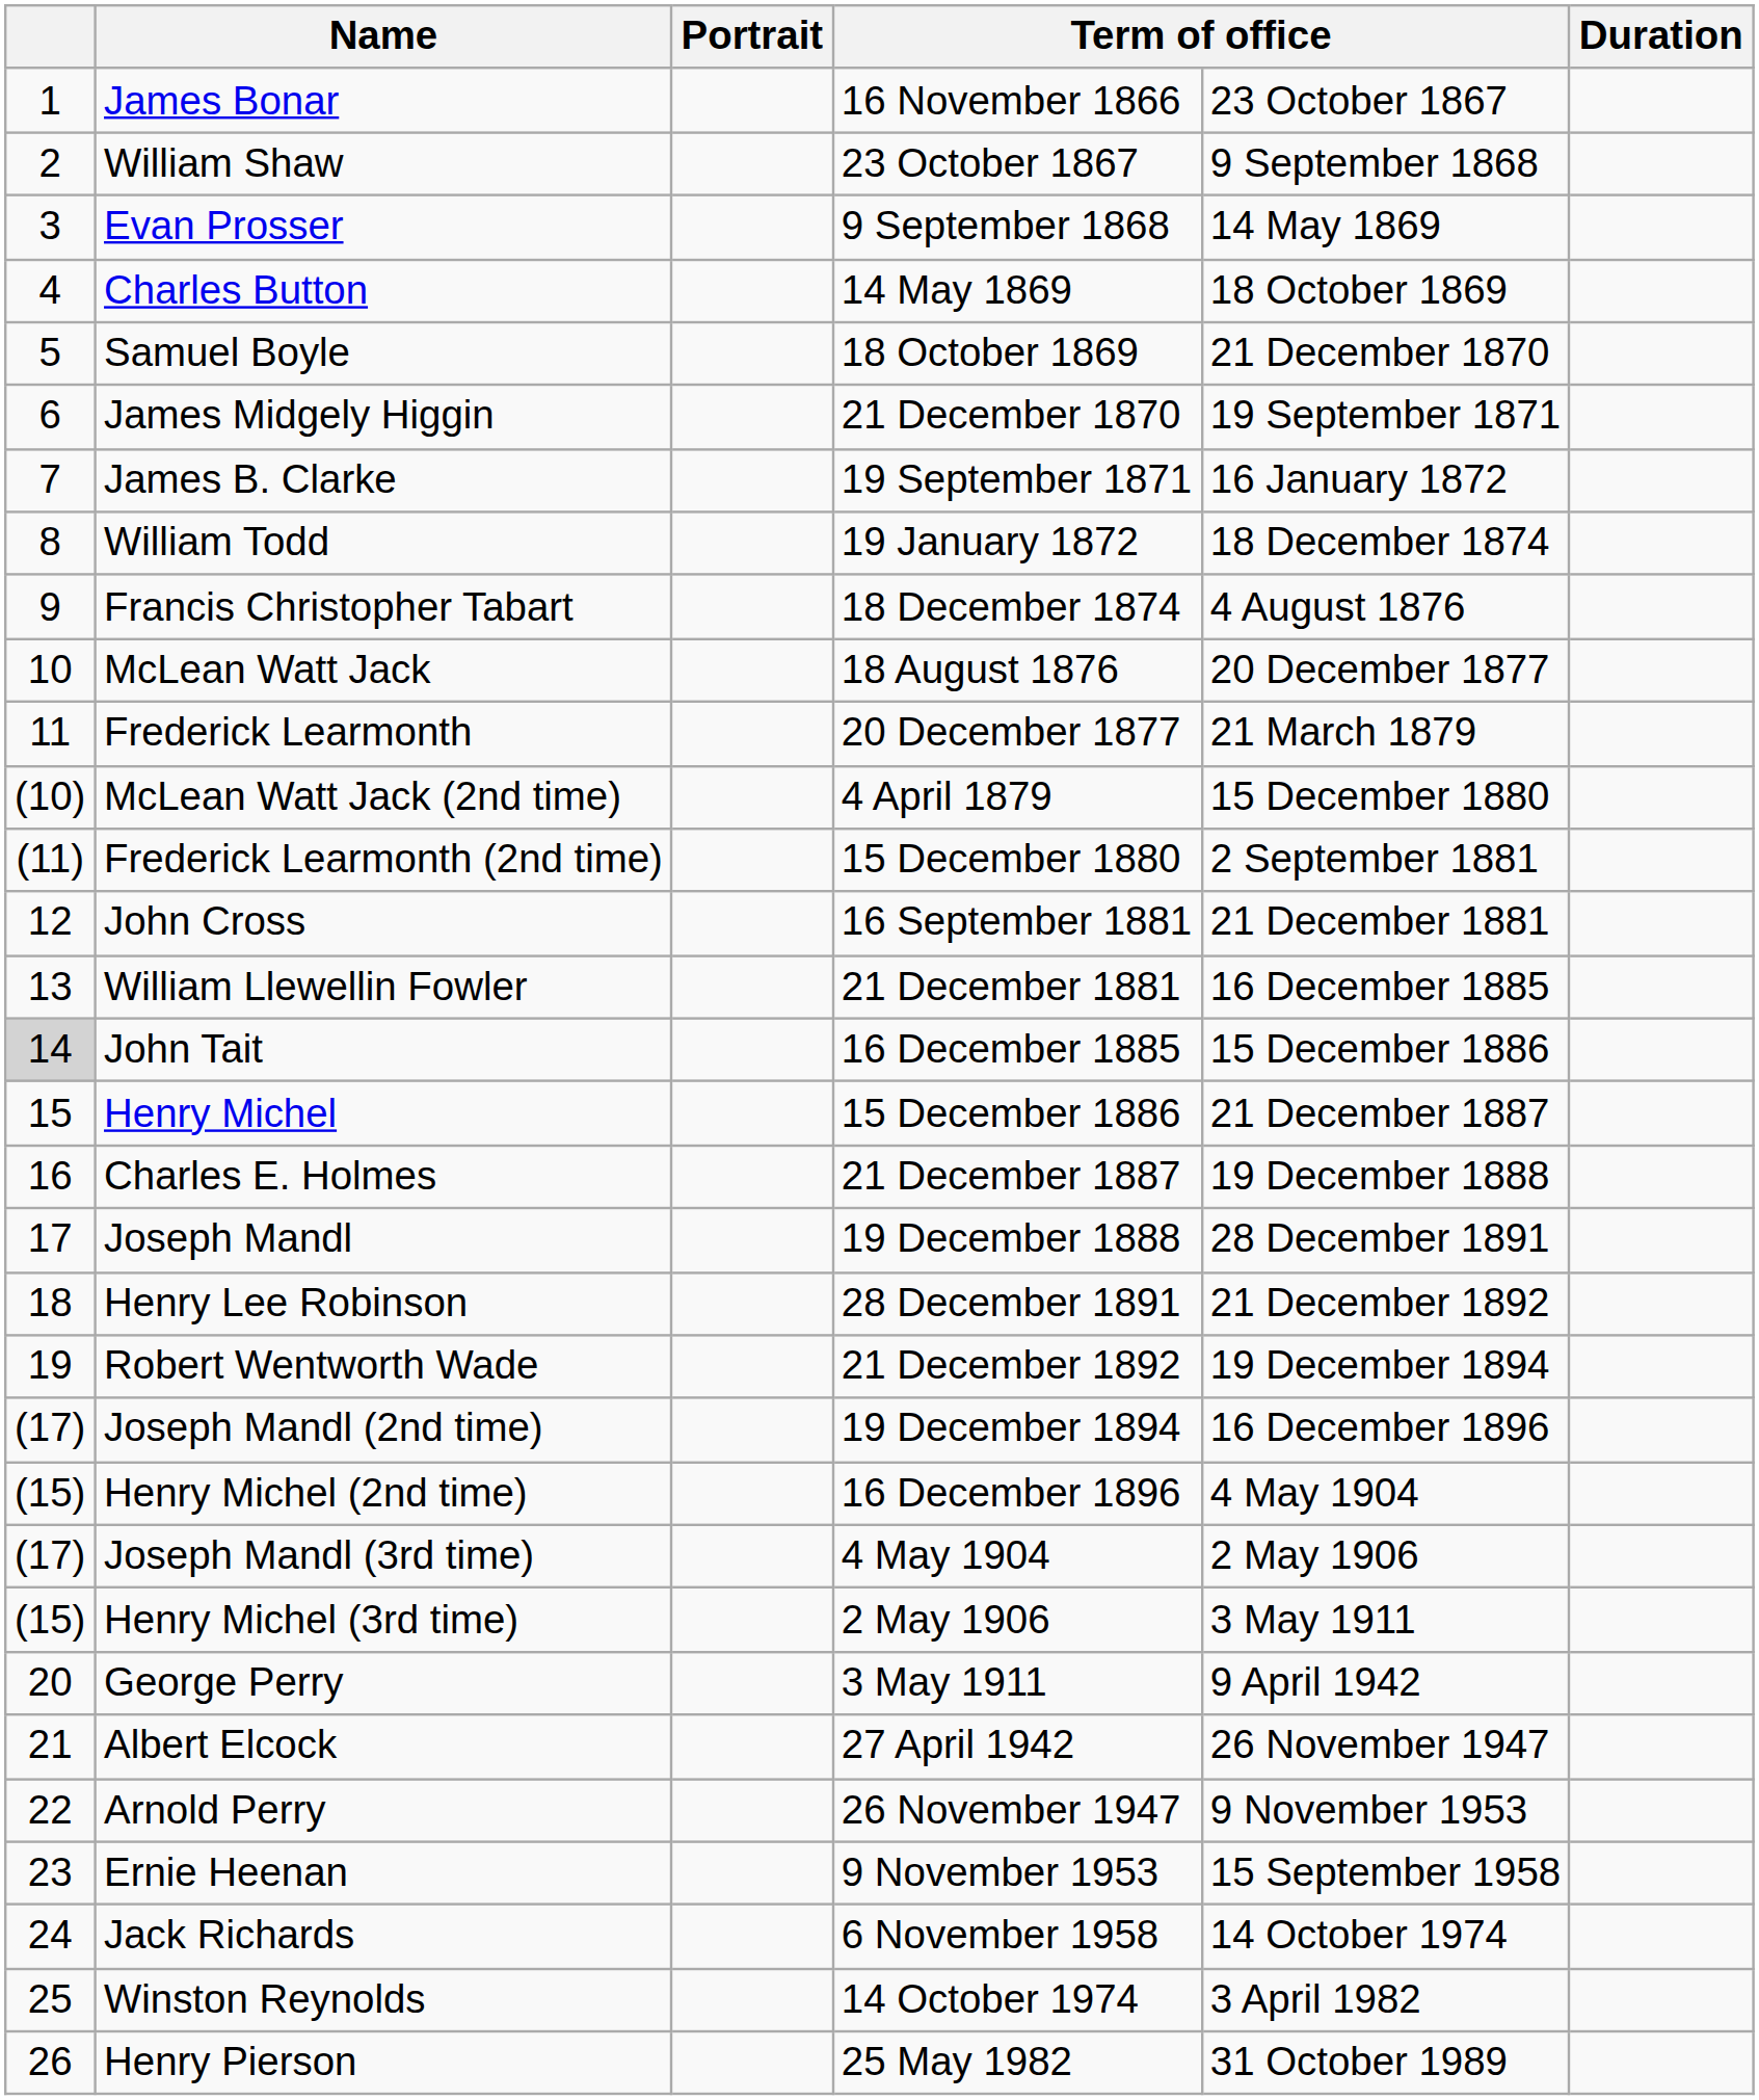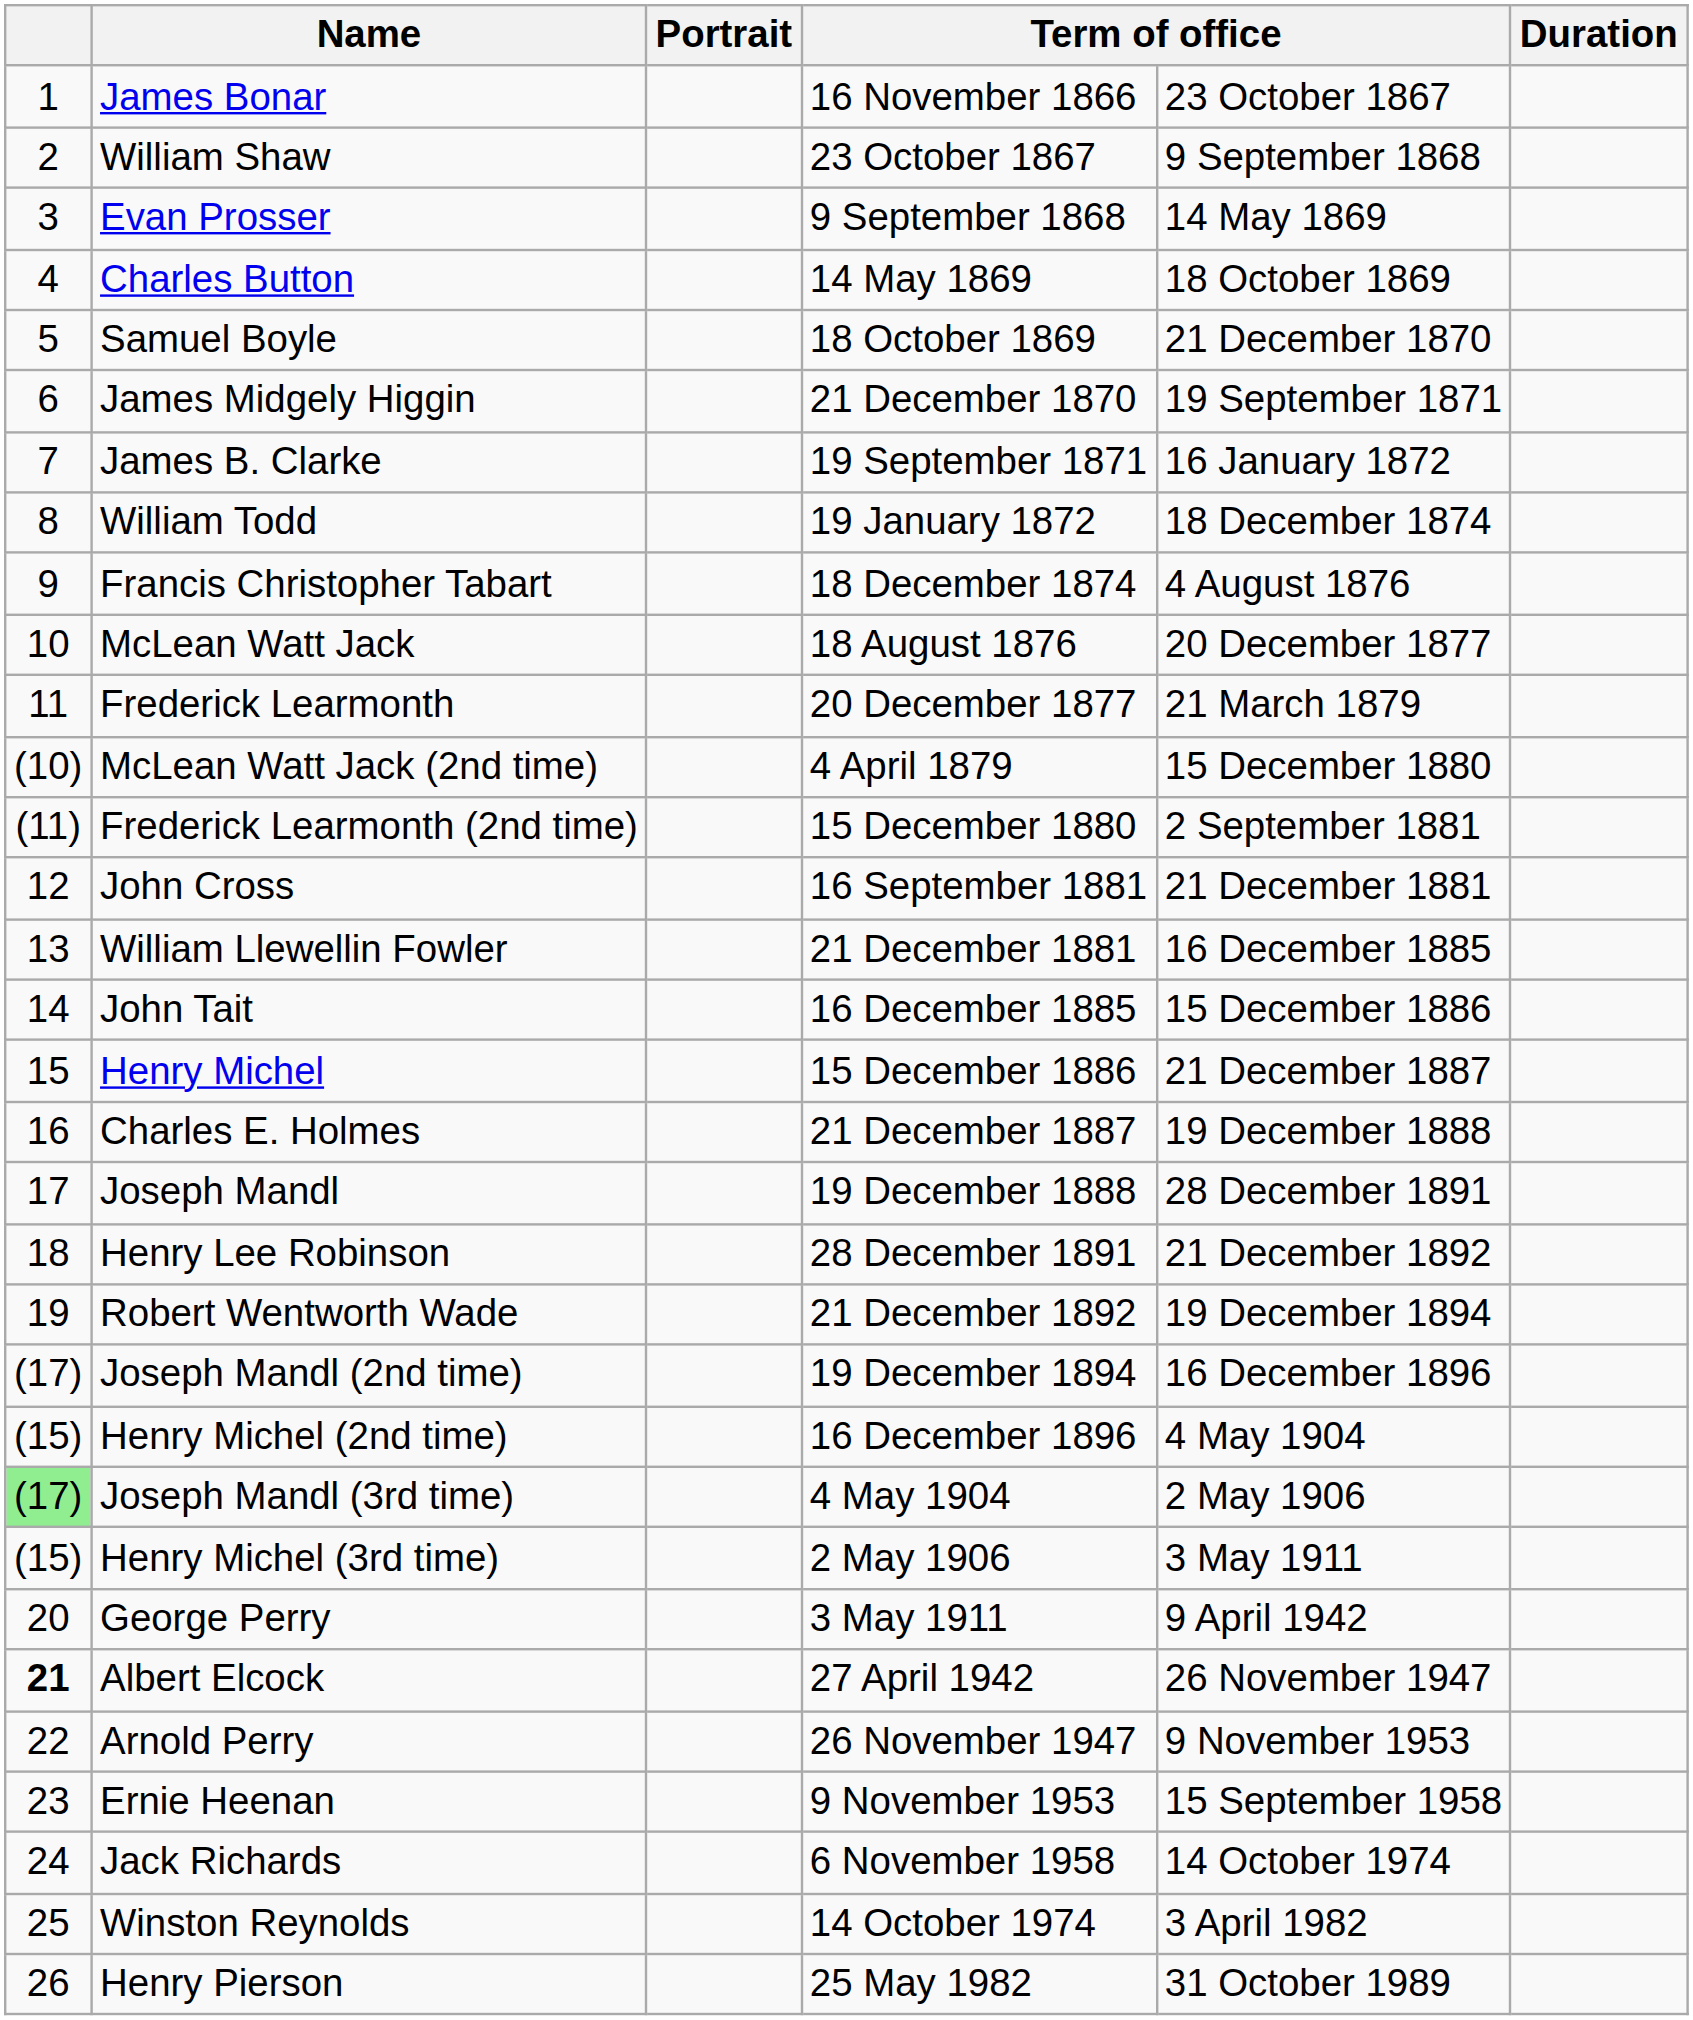 <table class="wikitable">
 <tr>
 <th></th>
 <th>Name</th>
 <th>Portrait</th>
 <th colspan=2>Term of office</th>
 <th>Duration</th>
 </tr>
 <tr>
 <td align=center>1</td>
 <td><a href='#'>James Bonar</a></td>
 <td></td>
 <td>16 November 1866</td>
 <td>23 October 1867</td>
 <td></td>
 </tr>
 <tr>
 <td align=center>2</td>
 <td>William Shaw</td>
 <td></td>
 <td>23 October 1867</td>
 <td>9 September 1868</td>
 <td></td>
 </tr>
 <tr>
 <td align=center>3</td>
 <td><a href='#'>Evan Prosser</a></td>
 <td></td>
 <td>9 September 1868</td>
 <td>14 May 1869</td>
 <td></td>
 </tr>
 <tr>
 <td align=center>4</td>
 <td><a href='#'>Charles Button</a></td>
 <td></td>
 <td>14 May 1869</td>
 <td>18 October 1869</td>
 <td></td>
 </tr>
 <tr>
 <td align=center>5</td>
 <td>Samuel Boyle</td>
 <td></td>
 <td>18 October 1869</td>
 <td>21 December 1870</td>
 <td></td>
 </tr>
 <tr>
 <td align=center>6</td>
 <td>James Midgely Higgin</td>
 <td></td>
 <td>21 December 1870</td>
 <td>19 September 1871</td>
 <td></td>
 </tr>
 <tr>
 <td align=center>7</td>
 <td>James B. Clarke</td>
 <td></td>
 <td>19 September 1871</td>
 <td>16 January 1872</td>
 <td></td>
 </tr>
 <tr>
 <td align=center>8</td>
 <td>William Todd</td>
 <td></td>
 <td>19 January 1872</td>
 <td>18 December 1874</td>
 <td></td>
 </tr>
 <tr>
 <td align=center>9</td>
 <td>Francis Christopher Tabart</td>
 <td></td>
 <td>18 December 1874</td>
 <td>4 August 1876</td>
 <td></td>
 </tr>
 <tr>
 <td align=center>10</td>
 <td>McLean Watt Jack</td>
 <td></td>
 <td>18 August 1876</td>
 <td>20 December 1877</td>
 <td></td>
 </tr>
 <tr>
 <td align=center>11</td>
 <td>Frederick Learmonth</td>
 <td></td>
 <td>20 December 1877</td>
 <td>21 March 1879</td>
 <td></td>
 </tr>
 <tr>
 <td align=center>(10)</td>
 <td>McLean Watt Jack (2nd time)</td>
 <td></td>
 <td>4 April 1879</td>
 <td>15 December 1880</td>
 <td></td>
 </tr>
 <tr>
 <td align=center>(11)</td>
 <td>Frederick Learmonth (2nd time)</td>
 <td></td>
 <td>15 December 1880</td>
 <td>2 September 1881</td>
 <td></td>
 </tr>
 <tr>
 <td align=center>12</td>
 <td>John Cross</td>
 <td></td>
 <td>16 September 1881</td>
 <td>21 December 1881</td>
 <td></td>
 </tr>
 <tr>
 <td align=center>13</td>
 <td>William Llewellin Fowler</td>
 <td></td>
 <td>21 December 1881</td>
 <td>16 December 1885</td>
 <td></td>
 </tr>
 <tr>
-<td align=center style="background: lightgrey;">14</td>
+<td align=center>14</td>
 <td>John Tait</td>
 <td></td>
 <td>16 December 1885</td>
 <td>15 December 1886</td>
 <td></td>
 </tr>
 <tr>
 <td align=center>15</td>
 <td><a href='#'>Henry Michel</a></td>
 <td></td>
 <td>15 December 1886</td>
 <td>21 December 1887</td>
 <td></td>
 </tr>
 <tr>
 <td align=center>16</td>
 <td>Charles E. Holmes</td>
 <td></td>
 <td>21 December 1887</td>
 <td>19 December 1888</td>
 <td></td>
 </tr>
 <tr>
 <td align=center>17</td>
 <td>Joseph Mandl</td>
 <td></td>
 <td>19 December 1888</td>
 <td>28 December 1891</td>
 <td></td>
 </tr>
 <tr>
 <td align=center>18</td>
 <td>Henry Lee Robinson</td>
 <td></td>
 <td>28 December 1891</td>
 <td>21 December 1892</td>
 <td></td>
 </tr>
 <tr>
 <td align=center>19</td>
 <td>Robert Wentworth Wade</td>
 <td></td>
 <td>21 December 1892</td>
 <td>19 December 1894</td>
 <td></td>
 </tr>
 <tr>
 <td align=center>(17)</td>
 <td>Joseph Mandl (2nd time)</td>
 <td></td>
 <td>19 December 1894</td>
 <td>16 December 1896</td>
 <td></td>
 </tr>
 <tr>
 <td align=center>(15)</td>
 <td>Henry Michel (2nd time)</td>
 <td></td>
 <td>16 December 1896</td>
 <td>4 May 1904</td>
 <td></td>
 </tr>
 <tr>
-<td align=center>(17)</td>
+<td align=center style="background: lightgreen;">(17)</td>
 <td>Joseph Mandl (3rd time)</td>
 <td></td>
 <td>4 May 1904</td>
 <td>2 May 1906</td>
 <td></td>
 </tr>
 <tr>
 <td align=center>(15)</td>
 <td>Henry Michel (3rd time)</td>
 <td></td>
 <td>2 May 1906</td>
 <td>3 May 1911</td>
 <td></td>
 </tr>
 <tr>
 <td align=center>20</td>
 <td>George Perry</td>
 <td></td>
 <td>3 May 1911</td>
 <td>9 April 1942</td>
 <td></td>
 </tr>
 <tr>
-<td align=center>21</td>
+<td align=center><strong>21</strong></td>
 <td>Albert Elcock</td>
 <td></td>
 <td>27 April 1942</td>
 <td>26 November 1947</td>
 <td></td>
 </tr>
 <tr>
 <td align=center>22</td>
 <td>Arnold Perry</td>
 <td></td>
 <td>26 November 1947</td>
 <td>9 November 1953</td>
 <td></td>
 </tr>
 <tr>
 <td align=center>23</td>
 <td>Ernie Heenan</td>
 <td></td>
 <td>9 November 1953</td>
 <td>15 September 1958</td>
 <td></td>
 </tr>
 <tr>
 <td align=center>24</td>
 <td>Jack Richards</td>
 <td></td>
 <td>6 November 1958</td>
 <td>14 October 1974</td>
 <td></td>
 </tr>
 <tr>
 <td align=center>25</td>
 <td>Winston Reynolds</td>
 <td></td>
 <td>14 October 1974</td>
 <td>3 April 1982</td>
 <td></td>
 </tr>
 <tr>
 <td align=center>26</td>
 <td>Henry Pierson</td>
 <td></td>
 <td>25 May 1982</td>
 <td>31 October 1989</td>
 <td></td>
 </tr>
 </table>
